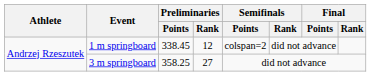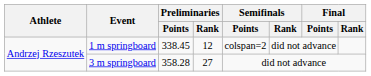 <table class=wikitable style="font-size:90%;">
 <tr>
 <th rowspan="2">Athlete</th>
 <th rowspan="2">Event</th>
 <th colspan="2">Preliminaries</th>
 <th colspan="2">Semifinals</th>
 <th colspan="2">Final</th>
 </tr>
 <tr style="font-size:95%">
 <th>Points</th>
 <th>Rank</th>
 <th>Points</th>
 <th>Rank</th>
 <th>Points</th>
 <th>Rank</th>
 </tr>
 <tr align=center>
 <td align=left rowspan=2><a href='#'>Andrzej Rzeszutek</a></td>
 <td align=left><a href='#'>1 m springboard</a></td>
 <td>338.45</td>
 <td>12</td>
 <td>colspan=2 </td>
 <td colspan=2>did not advance</td>
 </tr>
 <tr align=center>
 <td align=left><a href='#'>3 m springboard</a></td>
-<td>358.25</td>
+<td>358.28</td>
 <td>27</td>
 <td colspan=4>did not advance</td>
 </tr>
 </table>
